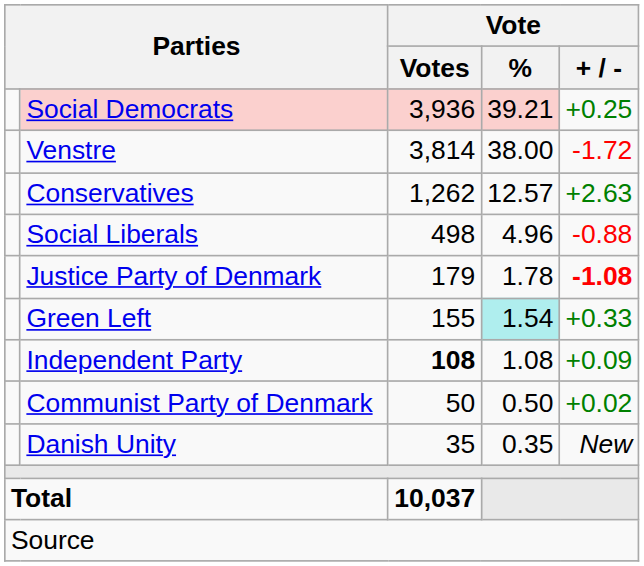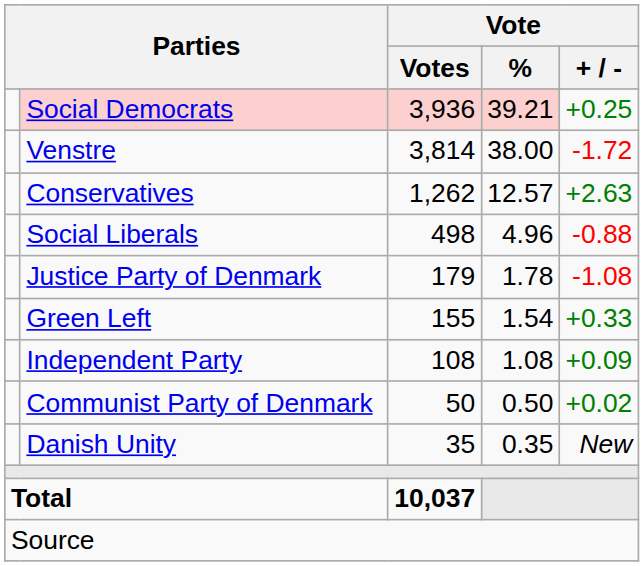 <table class="wikitable" style="text-align:right;">
 <tr>
 <th style="text-align:centre;" rowspan="2" colspan="2" width="225">Parties</th>
 <th colspan="3">Vote</th>
 </tr>
 <tr>
 <th width="15">Votes</th>
 <th width="15">%</th>
 <th width="15">+ / -</th>
 </tr>
 <tr>
 <td width="2" style="color:inherit;background:"></td>
 <td bgcolor=#fbd0ce  align="left"><a href='#'>Social Democrats</a></td>
 <td bgcolor=#fbd0ce>3,936</td>
 <td bgcolor=#fbd0ce>39.21</td>
 <td style=color:green;>+0.25</td>
 </tr>
 <tr>
 <td width="2" style="color:inherit;background:"></td>
 <td align="left"><a href='#'>Venstre</a></td>
 <td>3,814</td>
 <td>38.00</td>
 <td style=color:red;>-1.72</td>
 </tr>
 <tr>
 <td width="2" style="color:inherit;background:"></td>
 <td align="left"><a href='#'>Conservatives</a></td>
 <td>1,262</td>
 <td>12.57</td>
 <td style=color:green;>+2.63</td>
 </tr>
 <tr>
 <td width="2" style="color:inherit;background:"></td>
 <td align="left"><a href='#'>Social Liberals</a></td>
 <td>498</td>
 <td>4.96</td>
 <td style=color:red;>-0.88</td>
 </tr>
 <tr>
 <td width="2" style="color:inherit;background:"></td>
 <td align="left"><a href='#'>Justice Party of Denmark</a></td>
 <td>179</td>
 <td>1.78</td>
-<td style=color:red;><strong>-1.08</strong></td>
+<td style=color:red;>-1.08</td>
 </tr>
 <tr>
 <td width="2" style="color:inherit;background:"></td>
 <td align="left"><a href='#'>Green Left</a></td>
 <td>155</td>
-<td style="background: paleturquoise;">1.54</td>
+<td>1.54</td>
 <td style=color:green;>+0.33</td>
 </tr>
 <tr>
 <td width="2" style="color:inherit;background:"></td>
 <td align="left"><a href='#'>Independent Party</a></td>
-<td><strong>108</strong></td>
+<td>108</td>
 <td>1.08</td>
 <td style=color:green;>+0.09</td>
 </tr>
 <tr>
 <td width="2" style="color:inherit;background:"></td>
 <td align="left"><a href='#'>Communist Party of Denmark</a></td>
 <td>50</td>
 <td>0.50</td>
 <td style=color:green;>+0.02</td>
 </tr>
 <tr>
 <td width="2" style="color:inherit;background:"></td>
 <td align="left"><a href='#'>Danish Unity</a></td>
 <td>35</td>
 <td>0.35</td>
 <td><em>New</em></td>
 </tr>
 <tr>
 <td colspan="7" bgcolor="#E9E9E9"></td>
 </tr>
 <tr>
 <td align="left" colspan="2"><strong>Total</strong></td>
 <td><strong>10,037</strong></td>
 <td bgcolor="#E9E9E9" colspan="2"></td>
 </tr>
 <tr>
 <td align="left" colspan="6">Source</td>
 </tr>
 </table>
